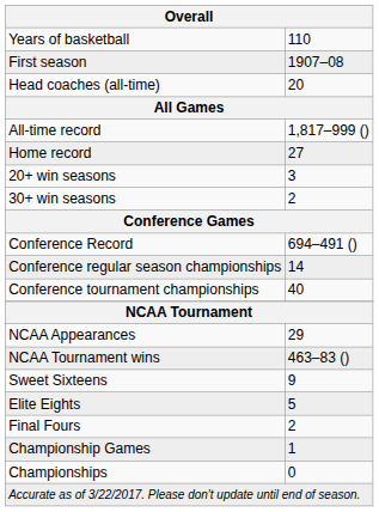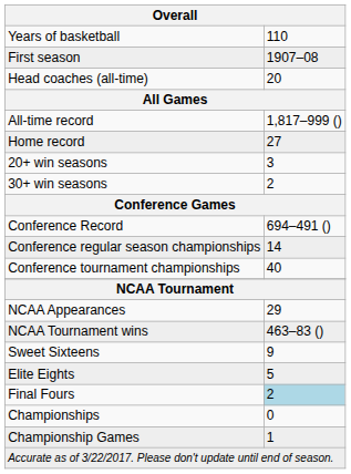 <table class="wikitable">
 <tr>
 <th colspan=2>Overall</th>
 </tr>
 <tr>
 <td>Years of basketball</td>
 <td>110</td>
 </tr>
 <tr bgcolor=#eeeeee>
 <td>First season</td>
 <td>1907–08</td>
 </tr>
 <tr>
 <td>Head coaches (all-time)</td>
 <td>20</td>
 </tr>
 <tr>
 <th colspan=2>All Games</th>
 </tr>
 <tr>
 <td>All-time record</td>
 <td>1,817–999 ()</td>
 </tr>
 <tr bgcolor=#eeeeee>
 <td>Home record</td>
 <td>27</td>
 </tr>
 <tr>
 <td>20+ win seasons</td>
 <td>3</td>
 </tr>
 <tr -bgcolor=#eeeeee>
 <td>30+ win seasons</td>
 <td>2</td>
 </tr>
 <tr>
 <th colspan=2>Conference Games</th>
 </tr>
 <tr>
 <td>Conference Record</td>
 <td>694–491 ()</td>
 </tr>
 <tr bgcolor=#eeeeee>
 <td>Conference regular season championships</td>
 <td>14</td>
 </tr>
 <tr>
 <td>Conference tournament championships</td>
 <td>40</td>
 </tr>
 <tr bgcolor=#eeeeee>
 </tr>
 <tr>
 <th colspan=2>NCAA Tournament</th>
 </tr>
 <tr>
 <td>NCAA Appearances</td>
 <td>29</td>
 </tr>
 <tr bgcolor=#eeeeee>
 <td>NCAA Tournament wins</td>
 <td>463–83 ()</td>
 </tr>
 <tr>
 <td>Sweet Sixteens</td>
 <td>9</td>
 </tr>
 <tr bgcolor=#eeeeee>
 <td>Elite Eights</td>
 <td>5</td>
 </tr>
 <tr>
 <td>Final Fours</td>
-<td>2</td>
+<td style="background: lightblue;">2</td>
+</tr>
+<tr>
+<td>Championships</td>
+<td>0</td>
 </tr>
 <tr bgcolor=#eeeeee>
 <td>Championship Games</td>
 <td>1</td>
 </tr>
 <tr>
-<td>Championships</td>
-<td>0</td>
-</tr>
-<tr>
 <td colspan=2 bgcolor=#eeeeee><small><em>Accurate as of 3/22/2017. Please don't update until end of season.</em></small></td>
 </tr>
 </table>
